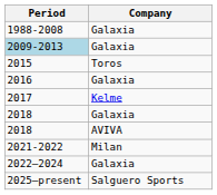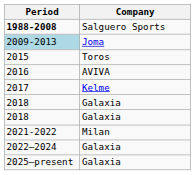 <table class="wikitable sortable">
 <tr>
 <th style="width:100px;">Period</th>
 <th style="width:150px;">Company</th>
 </tr>
 <tr>
-<td>1988-2008</td>
-<td> Galaxia</td>
+<td><strong>1988-2008</strong></td>
+<td> Salguero Sports</td>
 </tr>
 <tr>
 <td style="background: lightblue;">2009-2013</td>
-<td> Galaxia</td>
+<td> <a href='#'>Joma</a></td>
 </tr>
 <tr>
 <td>2015</td>
 <td> Toros</td>
 </tr>
 <tr>
 <td>2016</td>
-<td> Galaxia</td>
+<td> AVIVA</td>
 </tr>
 <tr>
 <td>2017</td>
 <td> <a href='#'>Kelme</a></td>
 </tr>
 <tr>
 <td>2018</td>
 <td> Galaxia</td>
 </tr>
 <tr>
 <td>2018</td>
-<td> AVIVA</td>
+<td> Galaxia</td>
 </tr>
 <tr>
 <td>2021-2022</td>
 <td> Milan</td>
 </tr>
 <tr>
 <td>2022–2024</td>
 <td> Galaxia</td>
 </tr>
 <tr>
 <td>2025–present</td>
-<td> Salguero Sports</td>
+<td> Galaxia</td>
 </tr>
 </table>
